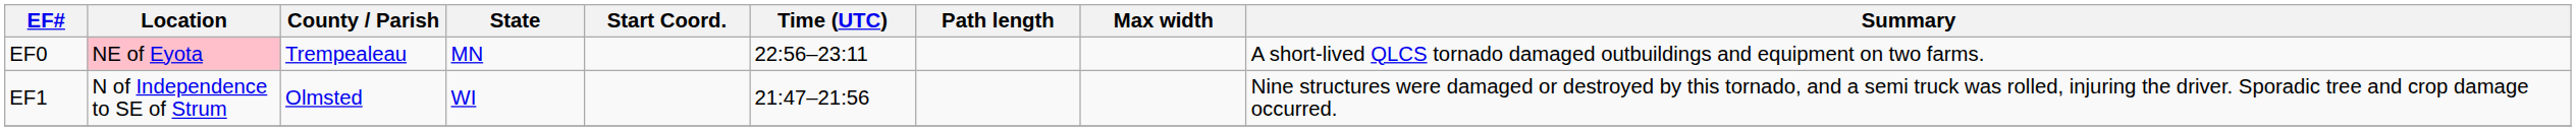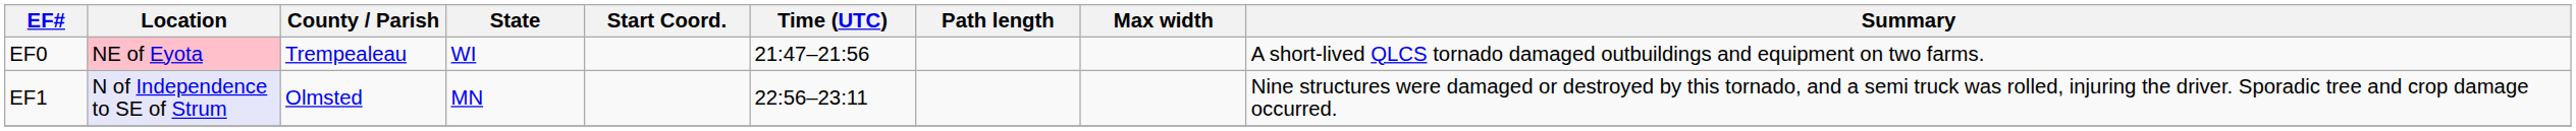 <table class="wikitable sortable" style="width:100%;">
 <tr>
 <th scope="col"  style="width:3%; text-align:center;"><a href='#'>EF#</a></th>
 <th scope="col"  style="width:7%; text-align:center;" class="unsortable">Location</th>
 <th scope="col"  style="width:6%; text-align:center;" class="unsortable">County / Parish</th>
 <th scope="col"  style="width:5%; text-align:center;">State</th>
 <th scope="col"  style="width:6%; text-align:center;">Start Coord.</th>
 <th scope="col"  style="width:6%; text-align:center;">Time (<a href='#'>UTC</a>)</th>
 <th scope="col"  style="width:6%; text-align:center;">Path length</th>
 <th scope="col"  style="width:6%; text-align:center;">Max width</th>
 <th scope="col" class="unsortable" style="width:48%; text-align:center;">Summary</th>
 </tr>
 <tr>
 <td>EF0</td>
 <td style="background: pink;">NE of <a href='#'>Eyota</a></td>
 <td><a href='#'>Trempealeau</a></td>
-<td><a href='#'>MN</a></td>
+<td><a href='#'>WI</a></td>
 <td></td>
-<td>22:56–23:11</td>
+<td>21:47–21:56</td>
 <td></td>
 <td></td>
 <td>A short-lived <a href='#'>QLCS</a> tornado damaged outbuildings and equipment on two farms.</td>
 </tr>
 <tr>
 <td>EF1</td>
-<td>N of <a href='#'>Independence</a> to SE of <a href='#'>Strum</a></td>
+<td style="background: lavender;">N of <a href='#'>Independence</a> to SE of <a href='#'>Strum</a></td>
 <td><a href='#'>Olmsted</a></td>
-<td><a href='#'>WI</a></td>
+<td><a href='#'>MN</a></td>
 <td></td>
-<td>21:47–21:56</td>
+<td>22:56–23:11</td>
 <td></td>
 <td></td>
 <td>Nine structures were damaged or destroyed by this tornado, and a semi truck was rolled, injuring the driver. Sporadic tree and crop damage occurred.</td>
 </tr>
 <tr>
 </tr>
 </table>
